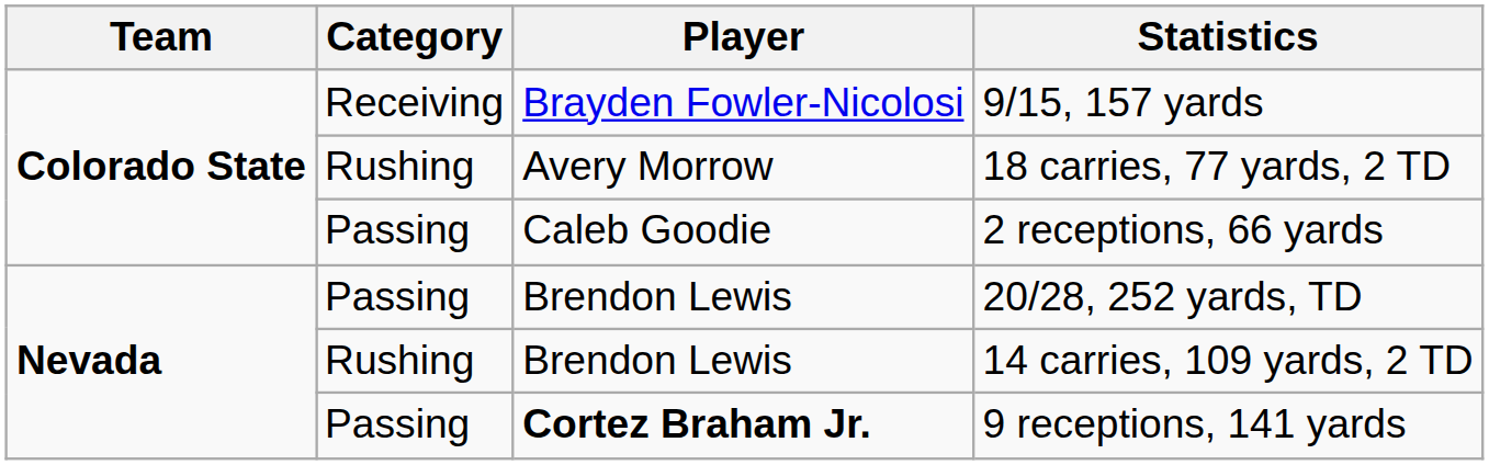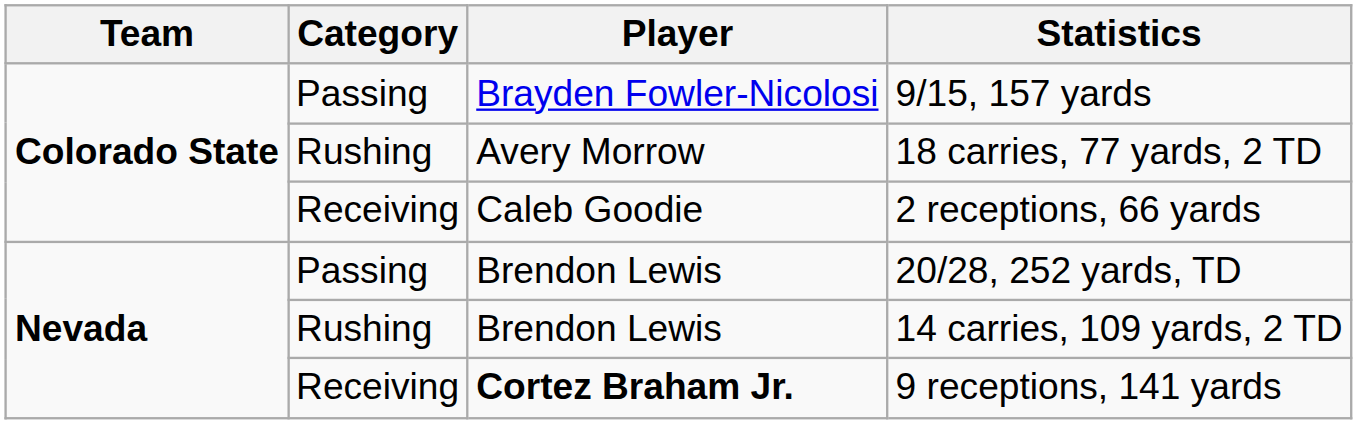 <table class="wikitable" style="float: right;">
 <tr>
 <th>Team</th>
 <th>Category</th>
 <th>Player</th>
 <th>Statistics</th>
 </tr>
 <tr>
 <td rowspan=3><strong>Colorado State</strong></td>
-<td>Receiving</td>
+<td>Passing</td>
 <td><a href='#'>Brayden Fowler-Nicolosi</a></td>
 <td>9/15, 157 yards</td>
 </tr>
 <tr>
 <td>Rushing</td>
 <td>Avery Morrow</td>
 <td>18 carries, 77 yards, 2 TD</td>
 </tr>
 <tr>
-<td>Passing</td>
+<td>Receiving</td>
 <td>Caleb Goodie</td>
 <td>2 receptions, 66 yards</td>
 </tr>
 <tr>
 <td rowspan=3><strong>Nevada</strong></td>
 <td>Passing</td>
 <td>Brendon Lewis</td>
 <td>20/28, 252 yards, TD</td>
 </tr>
 <tr>
 <td>Rushing</td>
 <td>Brendon Lewis</td>
 <td>14 carries, 109 yards, 2 TD</td>
 </tr>
 <tr>
-<td>Passing</td>
+<td>Receiving</td>
 <td><strong>Cortez Braham Jr.</strong></td>
 <td>9 receptions, 141 yards</td>
 </tr>
 </table>
